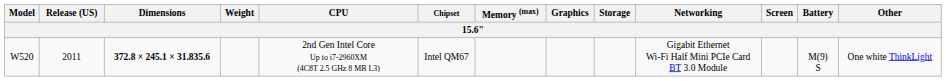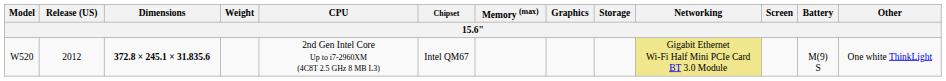 <table class="wikitable" style="font-size: 80%; text-align: center; min-width: 80%;">
 <tr>
 <th>Model</th>
 <th>Release (US)</th>
 <th>Dimensions</th>
 <th>Weight</th>
 <th style="width:17%">CPU</th>
 <th><small>Chipset</small></th>
 <th>Memory <sup>(max)</sup></th>
 <th>Graphics</th>
 <th>Storage</th>
 <th>Networking</th>
 <th>Screen</th>
 <th>Battery</th>
 <th>Other</th>
 </tr>
 <tr>
 <th colspan=13>15.6"</th>
 </tr>
 <tr>
 <td>W520</td>
-<td>2011</td>
+<td>2012</td>
 <td><strong>372.8 × 245.1 × 31.835.6</strong></td>
 <td></td>
 <td style="background:">2nd Gen Intel Core<br><small>Up to i7-2960XM <br>(4C8T 2.5 GHz 8 MB L3)</small></td>
 <td>Intel QM67</td>
 <td></td>
 <td></td>
 <td></td>
-<td>Gigabit Ethernet<br>Wi-Fi Half Mini PCIe Card<br><a href='#'>BT</a> 3.0 Module<br><small></small></td>
+<td style="background: khaki;">Gigabit Ethernet<br>Wi-Fi Half Mini PCIe Card<br><a href='#'>BT</a> 3.0 Module<br><small></small></td>
 <td></td>
 <td style="background:"><br>M(9)<br>S</td>
 <td>One white <a href='#'>ThinkLight</a></td>
 </tr>
 </table>
